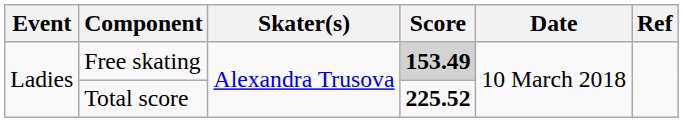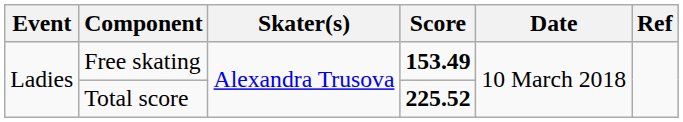 <table class="wikitable sortable">
 <tr>
 <th>Event</th>
 <th>Component</th>
 <th>Skater(s)</th>
 <th>Score</th>
 <th>Date</th>
 <th>Ref</th>
 </tr>
 <tr>
 <td rowspan=2>Ladies</td>
 <td>Free skating</td>
 <td rowspan=2> <a href='#'>Alexandra Trusova</a></td>
-<td style="background: lightgrey;"><strong>153.49</strong></td>
+<td><strong>153.49</strong></td>
 <td rowspan=2>10 March 2018</td>
 <td rowspan=2></td>
 </tr>
 <tr>
 <td>Total score</td>
 <td><strong>225.52</strong></td>
 </tr>
 </table>
